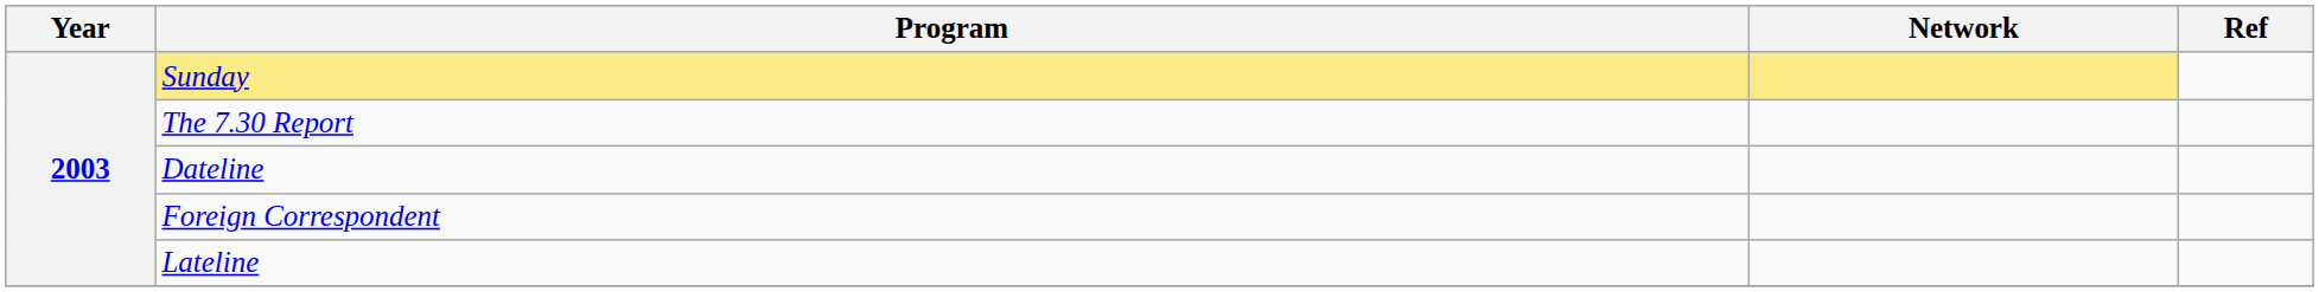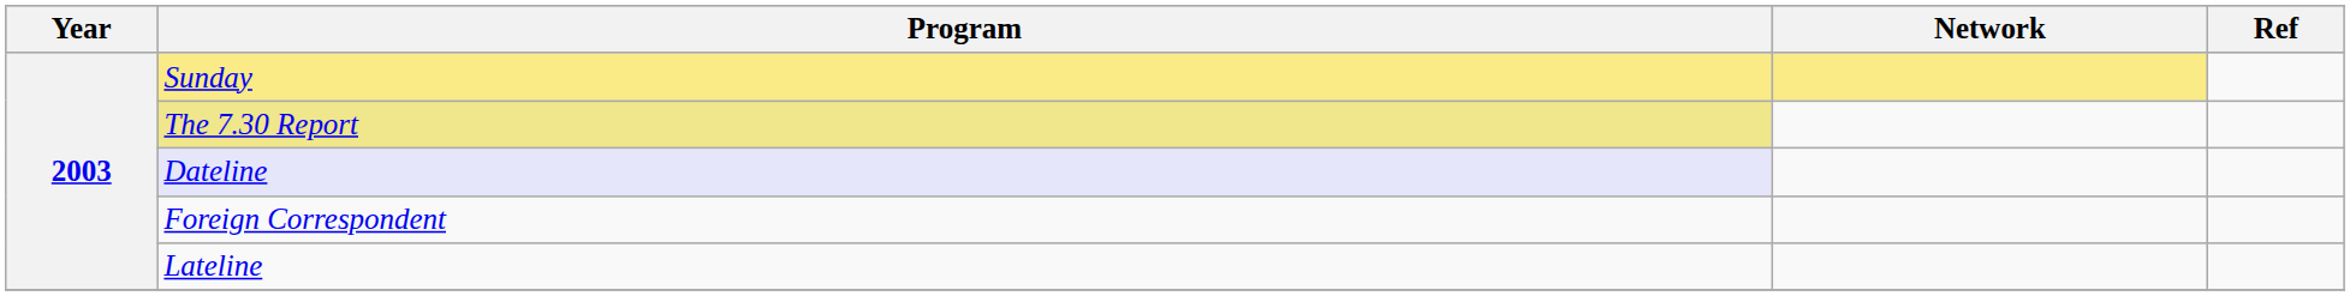 <table class="wikitable sortable">
 <tr style="background:#bebebe;">
 <th scope="col" style="width:1%;">Year</th>
 <th scope="col" style="width:16%;">Program</th>
 <th scope="col" style="width:4%;">Network</th>
 <th scope="col" style="width:1%;" class="unsortable">Ref</th>
 </tr>
 <tr>
 <th scope="row" rowspan="5" style="text-align:center"><a href='#'>2003</a></th>
 <td style="background:#FAEB86"><em><a href='#'>Sunday</a></em></td>
 <td style="background:#FAEB86"></td>
 <td></td>
 </tr>
 <tr>
-<td><em><a href='#'>The 7.30 Report</a></em></td>
+<td style="background: khaki;"><em><a href='#'>The 7.30 Report</a></em></td>
 <td></td>
 <td></td>
 </tr>
 <tr>
-<td><em><a href='#'>Dateline</a></em></td>
+<td style="background: lavender;"><em><a href='#'>Dateline</a></em></td>
 <td></td>
 <td></td>
 </tr>
 <tr>
 <td><em><a href='#'>Foreign Correspondent</a></em></td>
 <td></td>
 <td></td>
 </tr>
 <tr>
 <td><em><a href='#'>Lateline</a></em></td>
 <td></td>
 <td></td>
 </tr>
 <tr>
 </tr>
 </table>
